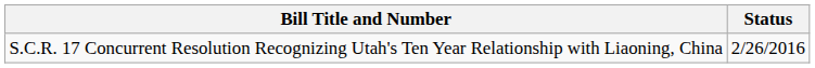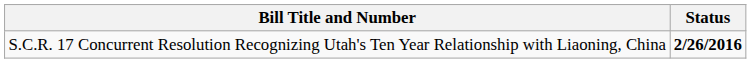 <table class="wikitable">
 <tr>
 <th>Bill Title and Number</th>
 <th>Status</th>
 </tr>
 <tr>
 <td>S.C.R. 17 Concurrent Resolution Recognizing Utah's Ten Year Relationship with Liaoning, China</td>
-<td>2/26/2016</td>
+<td><strong>2/26/2016</strong></td>
 </tr>
 </table>
